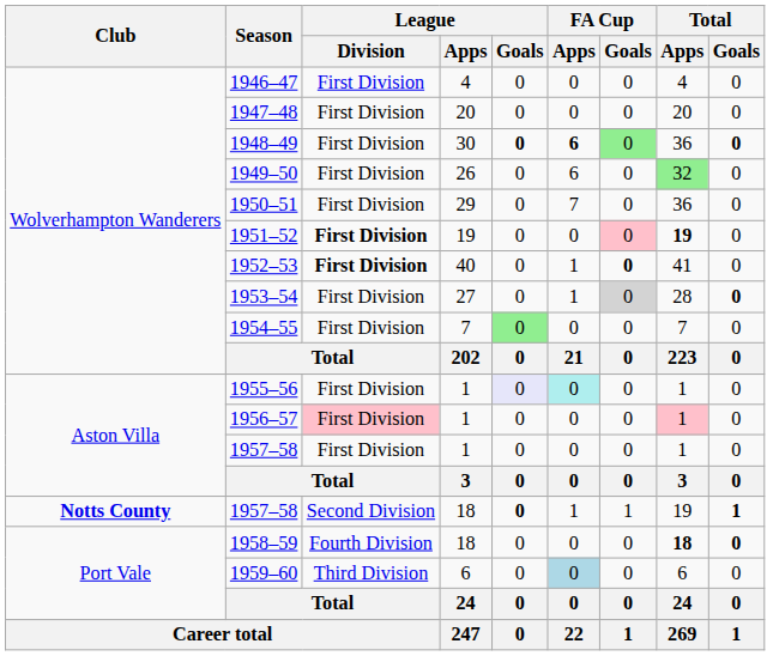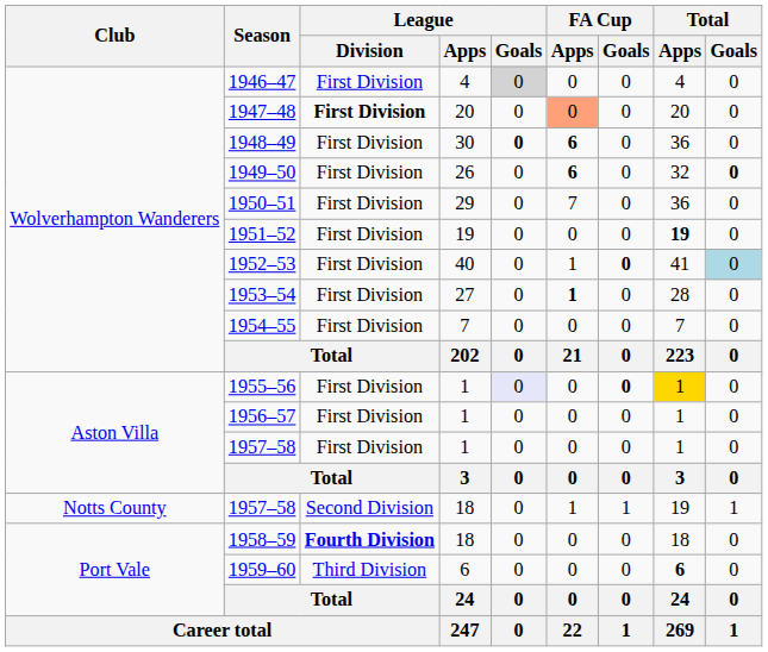 <table class="wikitable" style="text-align: center;">
 <tr>
 <th rowspan="2">Club</th>
 <th rowspan="2">Season</th>
 <th colspan="3">League</th>
 <th colspan="2">FA Cup</th>
 <th colspan="2">Total</th>
 </tr>
 <tr>
 <th>Division</th>
 <th>Apps</th>
 <th>Goals</th>
 <th>Apps</th>
 <th>Goals</th>
 <th>Apps</th>
 <th>Goals</th>
 </tr>
 <tr>
 <td rowspan="10"><a href='#'>Wolverhampton Wanderers</a></td>
 <td><a href='#'>1946–47</a></td>
 <td><a href='#'>First Division</a></td>
 <td>4</td>
-<td>0</td>
+<td style="background: lightgrey;">0</td>
 <td>0</td>
 <td>0</td>
 <td>4</td>
 <td>0</td>
 </tr>
 <tr>
 <td><a href='#'>1947–48</a></td>
-<td>First Division</td>
+<td><strong>First Division</strong></td>
 <td>20</td>
 <td>0</td>
-<td>0</td>
+<td style="background: lightsalmon;">0</td>
 <td>0</td>
 <td>20</td>
 <td>0</td>
 </tr>
 <tr>
 <td><a href='#'>1948–49</a></td>
 <td>First Division</td>
 <td>30</td>
 <td><strong>0</strong></td>
 <td><strong>6</strong></td>
-<td style="background: lightgreen;">0</td>
+<td>0</td>
 <td>36</td>
-<td><strong>0</strong></td>
+<td>0</td>
 </tr>
 <tr>
 <td><a href='#'>1949–50</a></td>
 <td>First Division</td>
 <td>26</td>
 <td>0</td>
-<td>6</td>
+<td><strong>6</strong></td>
 <td>0</td>
-<td style="background: lightgreen;">32</td>
-<td>0</td>
+<td>32</td>
+<td><strong>0</strong></td>
 </tr>
 <tr>
 <td><a href='#'>1950–51</a></td>
 <td>First Division</td>
 <td>29</td>
 <td>0</td>
 <td>7</td>
 <td>0</td>
 <td>36</td>
 <td>0</td>
 </tr>
 <tr>
 <td><a href='#'>1951–52</a></td>
-<td><strong>First Division</strong></td>
+<td>First Division</td>
 <td>19</td>
 <td>0</td>
 <td>0</td>
-<td style="background: pink;">0</td>
+<td>0</td>
 <td><strong>19</strong></td>
 <td>0</td>
 </tr>
 <tr>
 <td><a href='#'>1952–53</a></td>
-<td><strong>First Division</strong></td>
+<td>First Division</td>
 <td>40</td>
 <td>0</td>
 <td>1</td>
 <td><strong>0</strong></td>
 <td>41</td>
-<td>0</td>
+<td style="background: lightblue;">0</td>
 </tr>
 <tr>
 <td><a href='#'>1953–54</a></td>
 <td>First Division</td>
 <td>27</td>
 <td>0</td>
-<td>1</td>
-<td style="background: lightgrey;">0</td>
+<td><strong>1</strong></td>
+<td>0</td>
 <td>28</td>
-<td><strong>0</strong></td>
+<td>0</td>
 </tr>
 <tr>
 <td><a href='#'>1954–55</a></td>
 <td>First Division</td>
 <td>7</td>
-<td style="background: lightgreen;">0</td>
+<td>0</td>
 <td>0</td>
 <td>0</td>
 <td>7</td>
 <td>0</td>
 </tr>
 <tr>
 <th colspan="2">Total</th>
 <th>202</th>
 <th>0</th>
 <th>21</th>
 <th>0</th>
 <th>223</th>
 <th>0</th>
 </tr>
 <tr>
 <td rowspan="4"><a href='#'>Aston Villa</a></td>
 <td><a href='#'>1955–56</a></td>
 <td>First Division</td>
 <td>1</td>
 <td style="background: lavender;">0</td>
-<td style="background: paleturquoise;">0</td>
 <td>0</td>
-<td>1</td>
+<td><strong>0</strong></td>
+<td style="background: gold;">1</td>
 <td>0</td>
 </tr>
 <tr>
 <td><a href='#'>1956–57</a></td>
-<td style="background: pink;">First Division</td>
+<td>First Division</td>
 <td>1</td>
 <td>0</td>
 <td>0</td>
 <td>0</td>
-<td style="background: pink;">1</td>
+<td>1</td>
 <td>0</td>
 </tr>
 <tr>
 <td><a href='#'>1957–58</a></td>
 <td>First Division</td>
 <td>1</td>
 <td>0</td>
 <td>0</td>
 <td>0</td>
 <td>1</td>
 <td>0</td>
 </tr>
 <tr>
 <th colspan="2">Total</th>
 <th>3</th>
 <th>0</th>
 <th>0</th>
 <th>0</th>
 <th>3</th>
 <th>0</th>
 </tr>
 <tr>
-<td><strong><a href='#'>Notts County</a></strong></td>
+<td><a href='#'>Notts County</a></td>
 <td><a href='#'>1957–58</a></td>
 <td><a href='#'>Second Division</a></td>
 <td>18</td>
-<td><strong>0</strong></td>
+<td>0</td>
 <td>1</td>
 <td>1</td>
 <td>19</td>
-<td><strong>1</strong></td>
+<td>1</td>
 </tr>
 <tr>
 <td rowspan="3"><a href='#'>Port Vale</a></td>
 <td><a href='#'>1958–59</a></td>
-<td><a href='#'>Fourth Division</a></td>
+<td><strong><a href='#'>Fourth Division</a></strong></td>
 <td>18</td>
 <td>0</td>
 <td>0</td>
 <td>0</td>
-<td><strong>18</strong></td>
-<td><strong>0</strong></td>
+<td>18</td>
+<td>0</td>
 </tr>
 <tr>
 <td><a href='#'>1959–60</a></td>
 <td><a href='#'>Third Division</a></td>
 <td>6</td>
 <td>0</td>
-<td style="background: lightblue;">0</td>
 <td>0</td>
-<td>6</td>
+<td>0</td>
+<td><strong>6</strong></td>
 <td>0</td>
 </tr>
 <tr>
 <th colspan="2">Total</th>
 <th>24</th>
 <th>0</th>
 <th>0</th>
 <th>0</th>
 <th>24</th>
 <th>0</th>
 </tr>
 <tr>
 <th colspan="3">Career total</th>
 <th>247</th>
 <th>0</th>
 <th>22</th>
 <th>1</th>
 <th>269</th>
 <th>1</th>
 </tr>
 </table>
